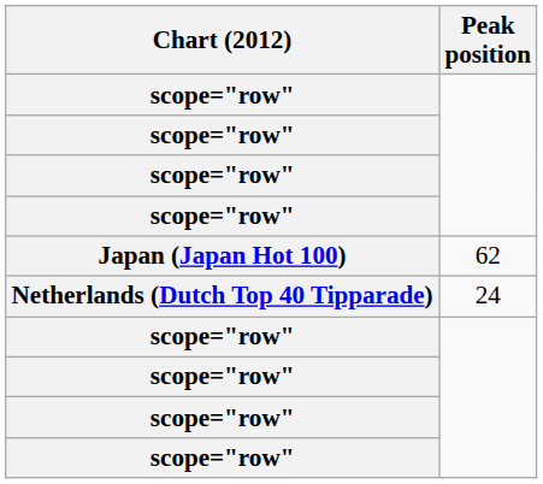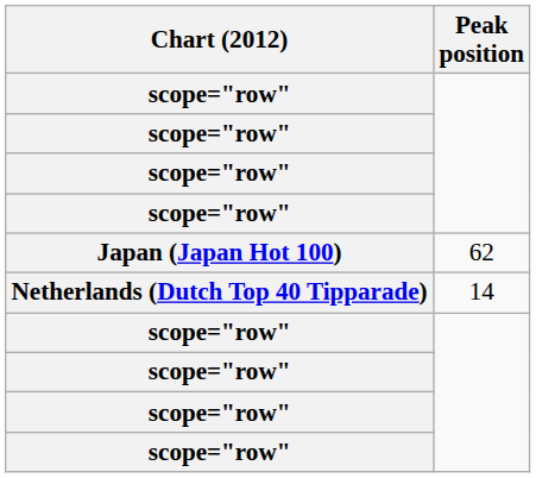 <table class="wikitable sortable plainrowheaders" style="text-align:center;">
 <tr>
 <th scope="col">Chart (2012)</th>
 <th scope="col">Peak<br>position</th>
 </tr>
 <tr>
 <th>scope="row"</th>
 </tr>
 <tr>
 <th>scope="row"</th>
 </tr>
 <tr>
 <th>scope="row"</th>
 </tr>
 <tr>
 <th>scope="row"</th>
 </tr>
 <tr>
 <th scope="row">Japan (<a href='#'>Japan Hot 100</a>)</th>
 <td>62</td>
 </tr>
 <tr>
 <th scope="row">Netherlands (<a href='#'>Dutch Top 40 Tipparade</a>)</th>
-<td>24</td>
+<td>14</td>
 </tr>
 <tr>
 <th>scope="row"</th>
 </tr>
 <tr>
 <th>scope="row"</th>
 </tr>
 <tr>
 <th>scope="row"</th>
 </tr>
 <tr>
 <th>scope="row"</th>
 </tr>
 </table>
